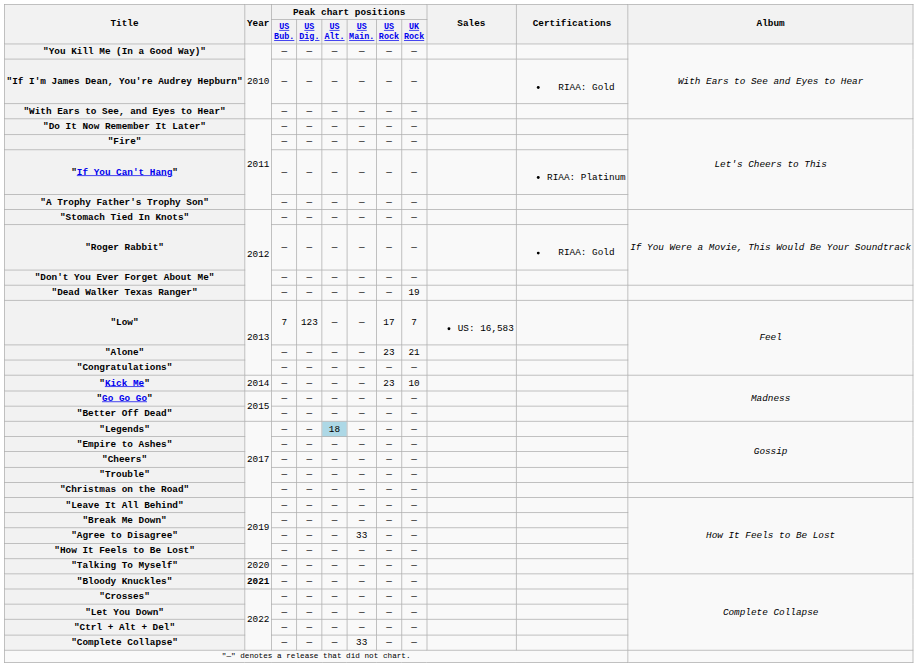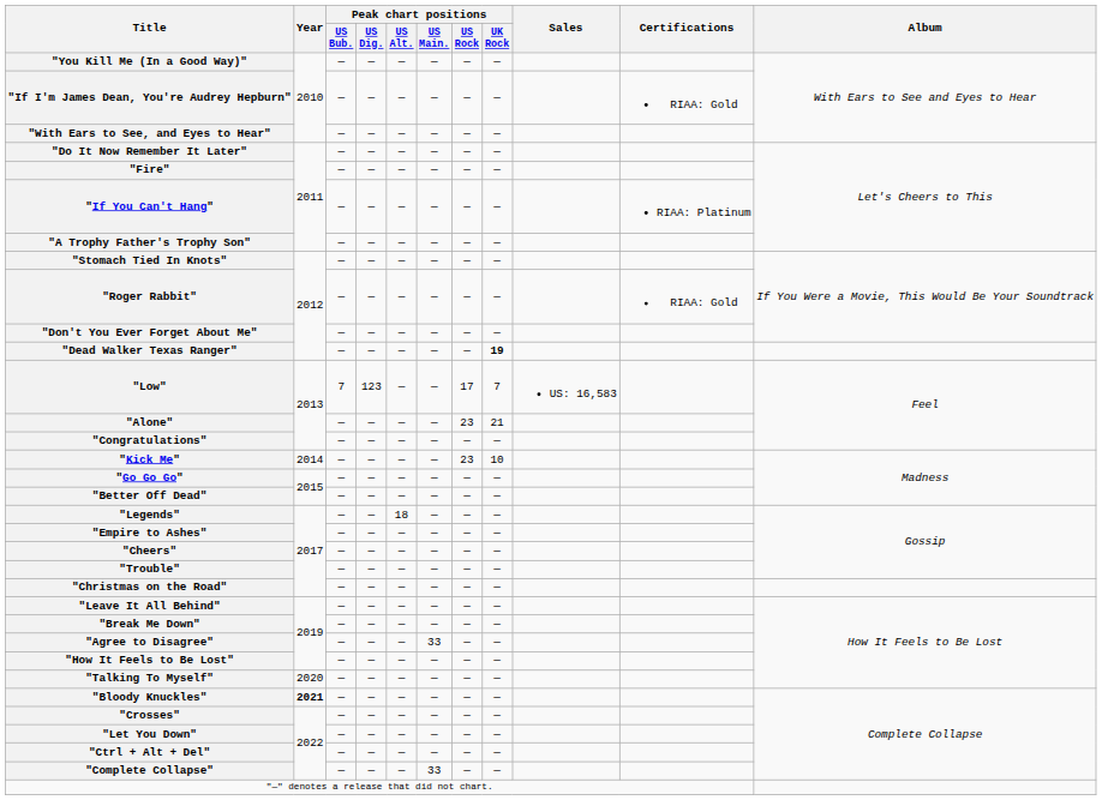 <table class="wikitable plainrowheaders" style="text-align:center;">
 <tr>
 <th scope="col" rowspan="2">Title</th>
 <th scope="col" rowspan="2">Year</th>
 <th colspan="6">Peak chart positions</th>
 <th scope="col" rowspan="2">Sales</th>
 <th scope="col" rowspan="2">Certifications</th>
 <th scope="col" rowspan="2">Album</th>
 </tr>
 <tr>
 <th scope="col" style="width:2.5em;font-size:90%;"><a href='#'>US<br>Bub.</a><br></th>
 <th scope="col" style="width:2.5em;font-size:90%;"><a href='#'>US<br>Dig.</a><br></th>
 <th scope="col" style="width:2.5em;font-size:90%;"><a href='#'>US<br>Alt.</a><br></th>
 <th scope="col" style="width:2.5em;font-size:90%;"><a href='#'>US<br>Main.</a><br></th>
 <th scope="col" style="width:2.5em;font-size:90%;"><a href='#'>US<br>Rock</a><br></th>
 <th scope="col" style="width:2.5em;font-size:90%;"><a href='#'>UK<br>Rock</a><br></th>
 </tr>
 <tr>
 <th scope="row">"You Kill Me (In a Good Way)"</th>
 <td rowspan="3">2010</td>
 <td>—</td>
 <td>—</td>
 <td>—</td>
 <td>—</td>
 <td>—</td>
 <td>—</td>
 <td></td>
 <td></td>
 <td rowspan="3"><em>With Ears to See and Eyes to Hear</em></td>
 </tr>
 <tr>
 <th scope="row">"If I'm James Dean, You're Audrey Hepburn"</th>
 <td>—</td>
 <td>—</td>
 <td>—</td>
 <td>—</td>
 <td>—</td>
 <td>—</td>
 <td></td>
 <td><br><ul><li>RIAA: Gold</li></ul></td>
 </tr>
 <tr>
 <th scope="row">"With Ears to See, and Eyes to Hear"</th>
 <td>—</td>
 <td>—</td>
 <td>—</td>
 <td>—</td>
 <td>—</td>
 <td>—</td>
 <td></td>
 <td></td>
 </tr>
 <tr>
 <th scope="row">"Do It Now Remember It Later"</th>
 <td rowspan="4">2011</td>
 <td>—</td>
 <td>—</td>
 <td>—</td>
 <td>—</td>
 <td>—</td>
 <td>—</td>
 <td></td>
 <td></td>
 <td rowspan="4"><em>Let's Cheers to This</em></td>
 </tr>
 <tr>
 <th scope="row">"Fire"</th>
 <td>—</td>
 <td>—</td>
 <td>—</td>
 <td>—</td>
 <td>—</td>
 <td>—</td>
 <td></td>
 <td></td>
 </tr>
 <tr>
 <th scope="row">"<a href='#'>If You Can't Hang</a>"</th>
 <td>—</td>
 <td>—</td>
 <td>—</td>
 <td>—</td>
 <td>—</td>
 <td>—</td>
 <td></td>
 <td><br><ul><li>RIAA: Platinum</li></ul></td>
 </tr>
 <tr>
 <th scope="row">"A Trophy Father's Trophy Son"</th>
 <td>—</td>
 <td>—</td>
 <td>—</td>
 <td>—</td>
 <td>—</td>
 <td>—</td>
 <td></td>
 <td></td>
 </tr>
 <tr>
 <th scope="row">"Stomach Tied In Knots"</th>
 <td rowspan="4">2012</td>
 <td>—</td>
 <td>—</td>
 <td>—</td>
 <td>—</td>
 <td>—</td>
 <td>—</td>
 <td></td>
 <td></td>
 <td rowspan="3"><em>If You Were a Movie, This Would Be Your Soundtrack</em></td>
 </tr>
 <tr>
 <th scope="row">"Roger Rabbit"</th>
 <td>—</td>
 <td>—</td>
 <td>—</td>
 <td>—</td>
 <td>—</td>
 <td>—</td>
 <td></td>
 <td><br><ul><li>RIAA: Gold</li></ul></td>
 </tr>
 <tr>
 <th scope="row">"Don't You Ever Forget About Me"</th>
 <td>—</td>
 <td>—</td>
 <td>—</td>
 <td>—</td>
 <td>—</td>
 <td>—</td>
 <td></td>
 <td></td>
 </tr>
 <tr>
 <th scope="row">"Dead Walker Texas Ranger"</th>
 <td>—</td>
 <td>—</td>
 <td>—</td>
 <td>—</td>
 <td>—</td>
-<td>19</td>
+<td><strong>19</strong></td>
 <td></td>
 <td></td>
 <td></td>
 </tr>
 <tr>
 <th scope="row">"Low"</th>
 <td rowspan="3">2013</td>
 <td>7</td>
 <td>123</td>
 <td>—</td>
 <td>—</td>
 <td>17</td>
 <td>7</td>
 <td><br><ul><li>US: 16,583</li></ul></td>
 <td></td>
 <td rowspan="3"><em>Feel</em></td>
 </tr>
 <tr>
 <th scope="row">"Alone"<br> </th>
 <td>—</td>
 <td>—</td>
 <td>—</td>
 <td>—</td>
 <td>23</td>
 <td>21</td>
 <td></td>
 <td></td>
 </tr>
 <tr>
 <th scope="row">"Congratulations"<br> </th>
 <td>—</td>
 <td>—</td>
 <td>—</td>
 <td>—</td>
 <td>—</td>
 <td>—</td>
 <td></td>
 <td></td>
 </tr>
 <tr>
 <th scope="row">"<a href='#'>Kick Me</a>"</th>
 <td>2014</td>
 <td>—</td>
 <td>—</td>
 <td>—</td>
 <td>—</td>
 <td>23</td>
 <td>10</td>
 <td></td>
 <td></td>
 <td rowspan="3"><em>Madness</em></td>
 </tr>
 <tr>
 <th scope="row">"<a href='#'>Go Go Go</a>"</th>
 <td rowspan="2">2015</td>
 <td>—</td>
 <td>—</td>
 <td>—</td>
 <td>—</td>
 <td>—</td>
 <td>—</td>
 <td></td>
 <td></td>
 </tr>
 <tr>
 <th scope="row">"Better Off Dead"</th>
 <td>—</td>
 <td>—</td>
 <td>—</td>
 <td>—</td>
 <td>—</td>
 <td>—</td>
 <td></td>
 <td></td>
 </tr>
 <tr>
 <th scope="row">"Legends"</th>
 <td rowspan="5">2017</td>
 <td>—</td>
 <td>—</td>
-<td style="background: lightblue;">18</td>
+<td>18</td>
 <td>—</td>
 <td>—</td>
 <td>—</td>
 <td></td>
 <td></td>
 <td rowspan="4"><em>Gossip</em></td>
 </tr>
 <tr>
 <th scope="row">"Empire to Ashes"</th>
 <td>—</td>
 <td>—</td>
 <td>—</td>
 <td>—</td>
 <td>—</td>
 <td>—</td>
 <td></td>
 <td></td>
 </tr>
 <tr>
 <th scope="row">"Cheers"</th>
 <td>—</td>
 <td>—</td>
 <td>—</td>
 <td>—</td>
 <td>—</td>
 <td>—</td>
 <td></td>
 <td></td>
 </tr>
 <tr>
 <th scope="row">"Trouble"</th>
 <td>—</td>
 <td>—</td>
 <td>—</td>
 <td>—</td>
 <td>—</td>
 <td>—</td>
 <td></td>
 <td></td>
 </tr>
 <tr>
 <th scope="row">"Christmas on the Road"</th>
 <td>—</td>
 <td>—</td>
 <td>—</td>
 <td>—</td>
 <td>—</td>
 <td>—</td>
 <td></td>
 <td></td>
 <td></td>
 </tr>
 <tr>
 <th scope="row">"Leave It All Behind"</th>
 <td rowspan="4">2019</td>
 <td>—</td>
 <td>—</td>
 <td>—</td>
 <td>—</td>
 <td>—</td>
 <td>—</td>
 <td></td>
 <td></td>
 <td rowspan="5"><em>How It Feels to Be Lost</em></td>
 </tr>
 <tr>
 <th scope="row">"Break Me Down"</th>
 <td>—</td>
 <td>—</td>
 <td>—</td>
 <td>—</td>
 <td>—</td>
 <td>—</td>
 <td></td>
 <td></td>
 </tr>
 <tr>
 <th scope="row">"Agree to Disagree"</th>
 <td>—</td>
 <td>—</td>
 <td>—</td>
 <td>33</td>
 <td>—</td>
 <td>—</td>
 <td></td>
 <td></td>
 </tr>
 <tr>
 <th scope="row">"How It Feels to Be Lost"</th>
 <td>—</td>
 <td>—</td>
 <td>—</td>
 <td>—</td>
 <td>—</td>
 <td>—</td>
 <td></td>
 <td></td>
 </tr>
 <tr>
 <th scope="row">"Talking To Myself"</th>
 <td rowspan="1">2020</td>
 <td>—</td>
 <td>—</td>
 <td>—</td>
 <td>—</td>
 <td>—</td>
 <td>—</td>
 <td></td>
 <td></td>
 </tr>
 <tr>
 <th scope="row">"Bloody Knuckles"</th>
 <td><strong>2021</strong></td>
 <td>—</td>
 <td>—</td>
 <td>—</td>
 <td>—</td>
 <td>—</td>
 <td>—</td>
 <td></td>
 <td></td>
 <td rowspan="5"><em>Complete Collapse</em></td>
 </tr>
 <tr>
 <th scope="row">"Crosses"<br> </th>
 <td rowspan="4">2022</td>
 <td>—</td>
 <td>—</td>
 <td>—</td>
 <td>—</td>
 <td>—</td>
 <td>—</td>
 <td></td>
 <td></td>
 </tr>
 <tr>
 <th scope="row">"Let You Down"<br> </th>
 <td>—</td>
 <td>—</td>
 <td>—</td>
 <td>—</td>
 <td>—</td>
 <td>—</td>
 <td></td>
 <td></td>
 </tr>
 <tr>
 <th scope="row">"Ctrl + Alt + Del"</th>
 <td>—</td>
 <td>—</td>
 <td>—</td>
 <td>—</td>
 <td>—</td>
 <td>—</td>
 <td></td>
 </tr>
 <tr>
 <th scope="row">"Complete Collapse"</th>
 <td>—</td>
 <td>—</td>
 <td>—</td>
 <td>33</td>
 <td>—</td>
 <td>—</td>
 <td></td>
 <td></td>
 </tr>
 <tr>
 <td colspan="10" style="text-align:center; font-size:8pt;">"—" denotes a release that did not chart.</td>
 </tr>
 </table>
